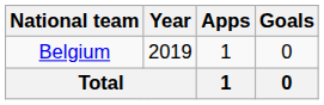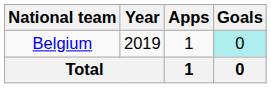 <table class="wikitable" style="text-align:center">
 <tr>
 <th>National team</th>
 <th>Year</th>
 <th>Apps</th>
 <th>Goals</th>
 </tr>
 <tr>
 <td><a href='#'>Belgium</a></td>
 <td>2019</td>
 <td>1</td>
-<td>0</td>
+<td style="background: paleturquoise;">0</td>
 </tr>
 <tr>
 <th colspan="2">Total</th>
 <th>1</th>
 <th>0</th>
 </tr>
 </table>
